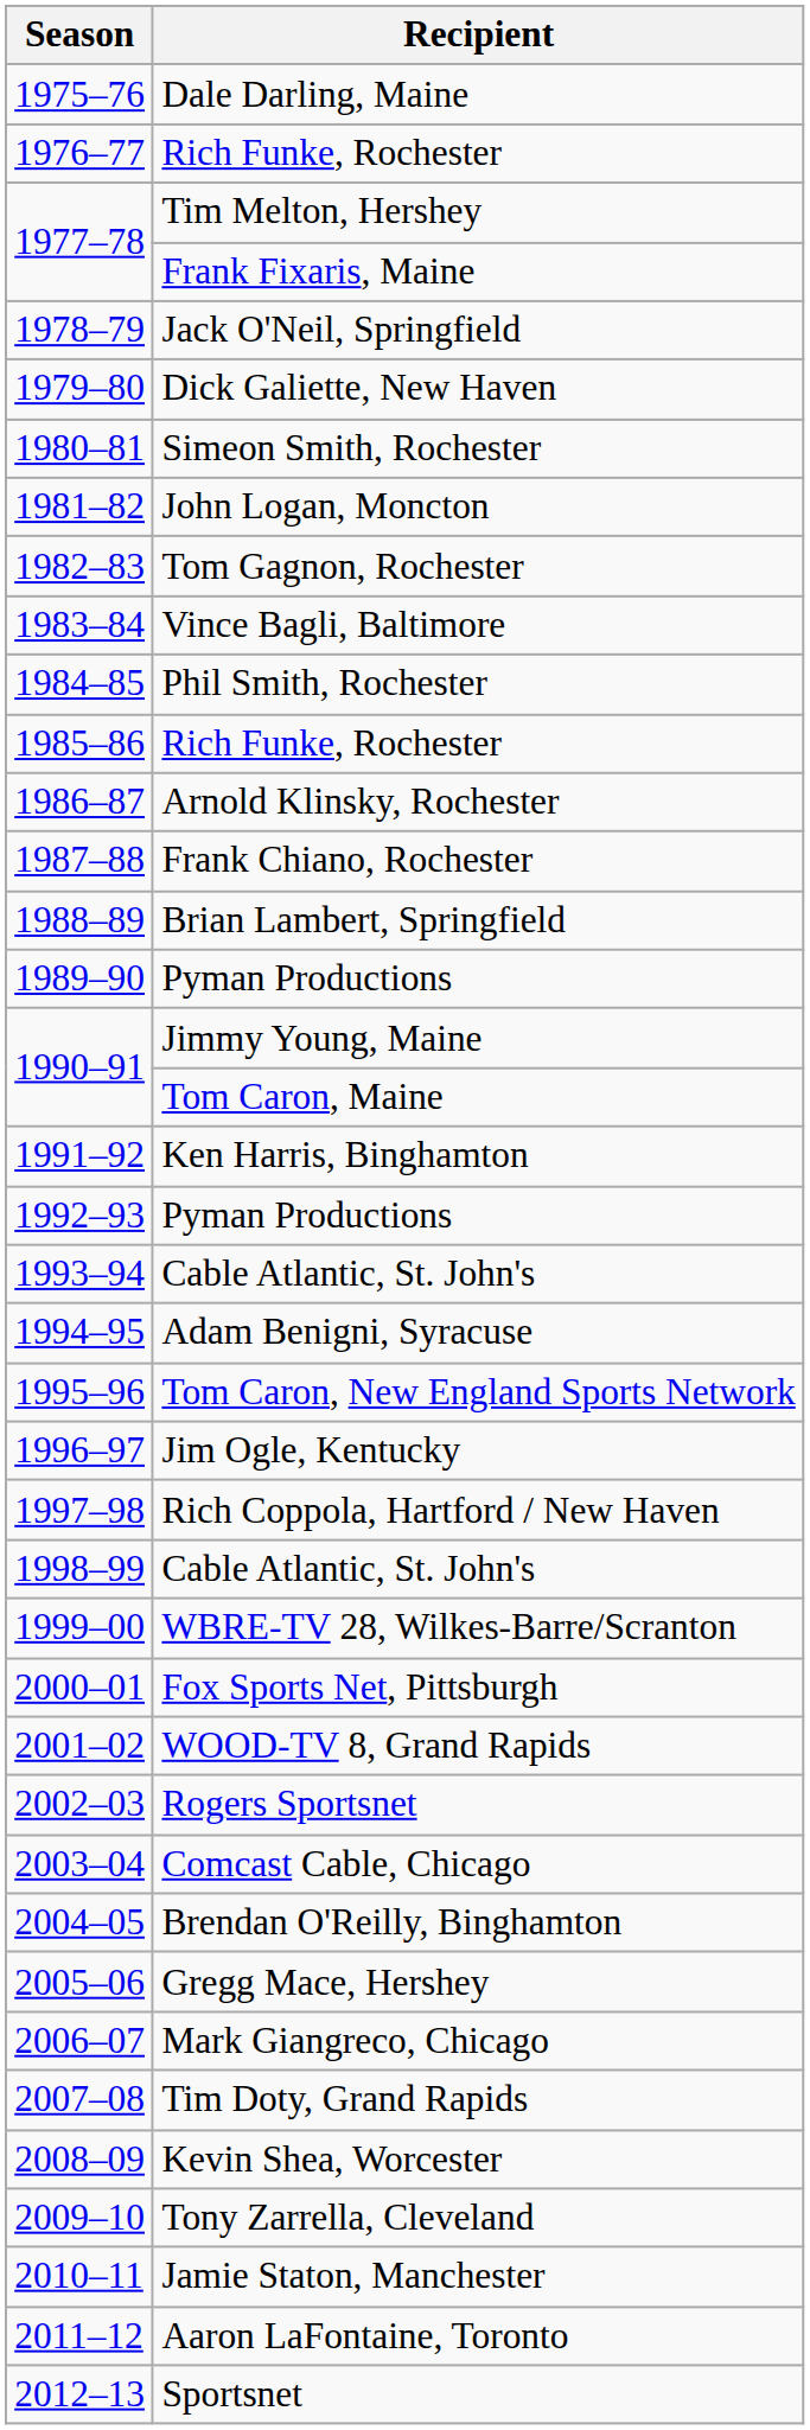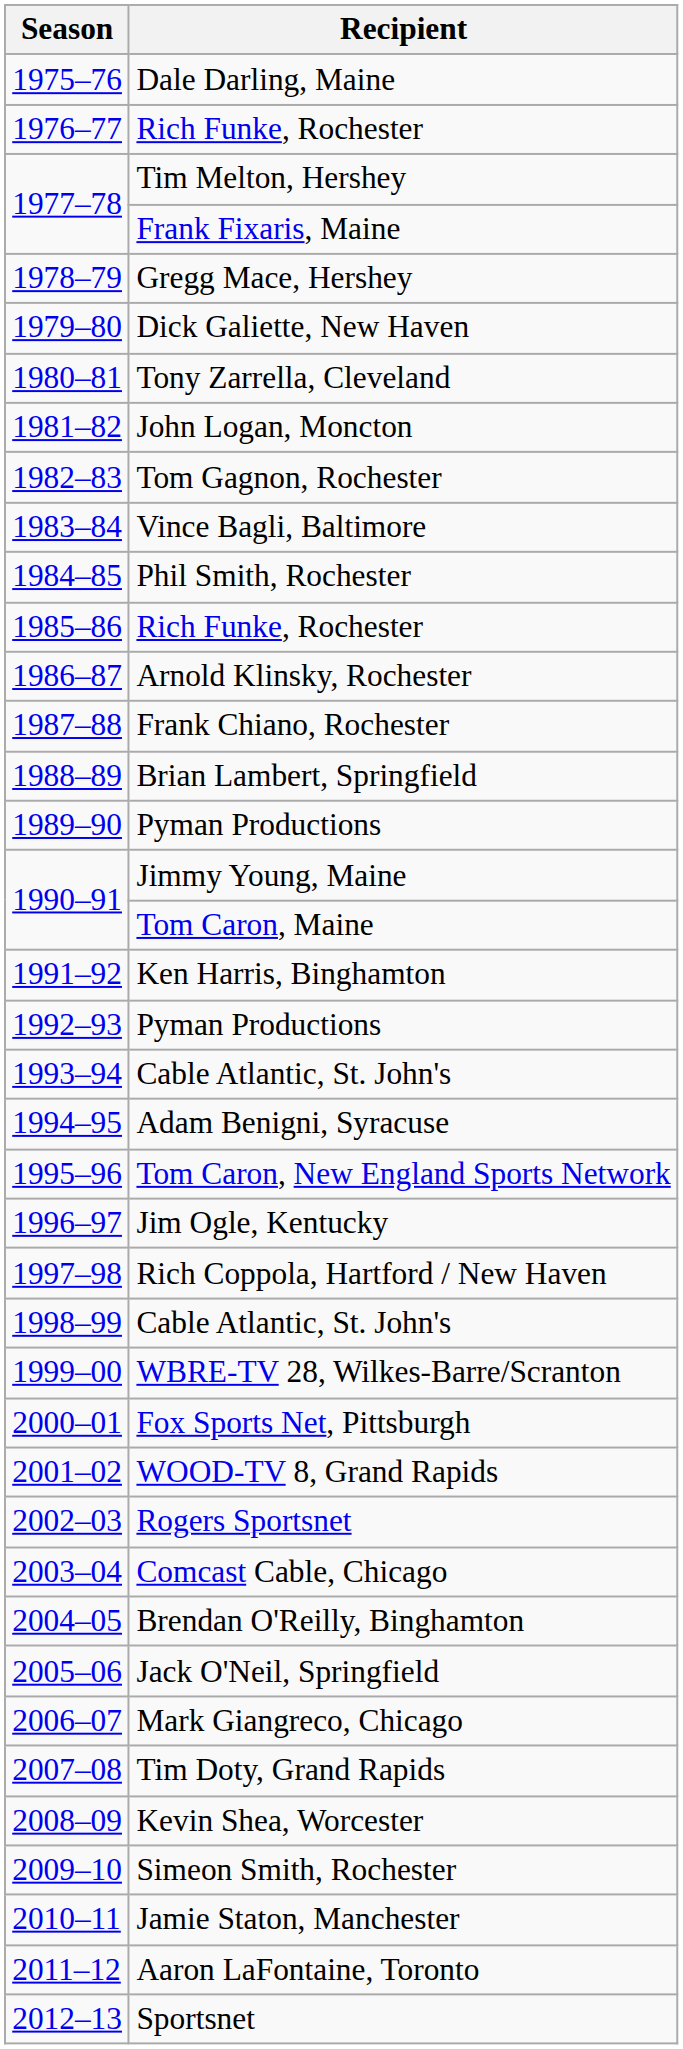 <table class="wikitable sortable">
 <tr>
 <th>Season</th>
 <th>Recipient</th>
 </tr>
 <tr>
 <td><a href='#'>1975–76</a></td>
 <td>Dale Darling, Maine</td>
 </tr>
 <tr>
 <td><a href='#'>1976–77</a></td>
 <td><a href='#'>Rich Funke</a>, Rochester</td>
 </tr>
 <tr>
 <td rowspan=2><a href='#'>1977–78</a></td>
 <td>Tim Melton, Hershey</td>
 </tr>
 <tr>
 <td><a href='#'>Frank Fixaris</a>, Maine</td>
 </tr>
 <tr>
 <td><a href='#'>1978–79</a></td>
-<td>Jack O'Neil, Springfield</td>
+<td>Gregg Mace, Hershey</td>
 </tr>
 <tr>
 <td><a href='#'>1979–80</a></td>
 <td>Dick Galiette, New Haven</td>
 </tr>
 <tr>
 <td><a href='#'>1980–81</a></td>
-<td>Simeon Smith, Rochester</td>
+<td>Tony Zarrella, Cleveland</td>
 </tr>
 <tr>
 <td><a href='#'>1981–82</a></td>
 <td>John Logan, Moncton</td>
 </tr>
 <tr>
 <td><a href='#'>1982–83</a></td>
 <td>Tom Gagnon, Rochester</td>
 </tr>
 <tr>
 <td><a href='#'>1983–84</a></td>
 <td>Vince Bagli, Baltimore</td>
 </tr>
 <tr>
 <td><a href='#'>1984–85</a></td>
 <td>Phil Smith, Rochester</td>
 </tr>
 <tr>
 <td><a href='#'>1985–86</a></td>
 <td><a href='#'>Rich Funke</a>, Rochester</td>
 </tr>
 <tr>
 <td><a href='#'>1986–87</a></td>
 <td>Arnold Klinsky, Rochester</td>
 </tr>
 <tr>
 <td><a href='#'>1987–88</a></td>
 <td>Frank Chiano, Rochester</td>
 </tr>
 <tr>
 <td><a href='#'>1988–89</a></td>
 <td>Brian Lambert, Springfield</td>
 </tr>
 <tr>
 <td><a href='#'>1989–90</a></td>
 <td>Pyman Productions</td>
 </tr>
 <tr>
 <td rowspan=2><a href='#'>1990–91</a></td>
 <td>Jimmy Young, Maine</td>
 </tr>
 <tr>
 <td><a href='#'>Tom Caron</a>, Maine</td>
 </tr>
 <tr>
 <td><a href='#'>1991–92</a></td>
 <td>Ken Harris, Binghamton</td>
 </tr>
 <tr>
 <td><a href='#'>1992–93</a></td>
 <td>Pyman Productions</td>
 </tr>
 <tr>
 <td><a href='#'>1993–94</a></td>
 <td>Cable Atlantic, St. John's</td>
 </tr>
 <tr>
 <td><a href='#'>1994–95</a></td>
 <td>Adam Benigni, Syracuse</td>
 </tr>
 <tr>
 <td><a href='#'>1995–96</a></td>
 <td><a href='#'>Tom Caron</a>, <a href='#'>New England Sports Network</a></td>
 </tr>
 <tr>
 <td><a href='#'>1996–97</a></td>
 <td>Jim Ogle, Kentucky</td>
 </tr>
 <tr>
 <td><a href='#'>1997–98</a></td>
 <td>Rich Coppola, Hartford / New Haven</td>
 </tr>
 <tr>
 <td><a href='#'>1998–99</a></td>
 <td>Cable Atlantic, St. John's</td>
 </tr>
 <tr>
 <td><a href='#'>1999–00</a></td>
 <td><a href='#'>WBRE-TV</a> 28, Wilkes-Barre/Scranton</td>
 </tr>
 <tr>
 <td><a href='#'>2000–01</a></td>
 <td><a href='#'>Fox Sports Net</a>, Pittsburgh</td>
 </tr>
 <tr>
 <td><a href='#'>2001–02</a></td>
 <td><a href='#'>WOOD-TV</a> 8, Grand Rapids</td>
 </tr>
 <tr>
 <td><a href='#'>2002–03</a></td>
 <td><a href='#'>Rogers Sportsnet</a></td>
 </tr>
 <tr>
 <td><a href='#'>2003–04</a></td>
 <td><a href='#'>Comcast</a> Cable, Chicago</td>
 </tr>
 <tr>
 <td><a href='#'>2004–05</a></td>
 <td>Brendan O'Reilly, Binghamton</td>
 </tr>
 <tr>
 <td><a href='#'>2005–06</a></td>
-<td>Gregg Mace, Hershey</td>
+<td>Jack O'Neil, Springfield</td>
 </tr>
 <tr>
 <td><a href='#'>2006–07</a></td>
 <td>Mark Giangreco, Chicago</td>
 </tr>
 <tr>
 <td><a href='#'>2007–08</a></td>
 <td>Tim Doty, Grand Rapids</td>
 </tr>
 <tr>
 <td><a href='#'>2008–09</a></td>
 <td>Kevin Shea, Worcester</td>
 </tr>
 <tr>
 <td><a href='#'>2009–10</a></td>
-<td>Tony Zarrella, Cleveland</td>
+<td>Simeon Smith, Rochester</td>
 </tr>
 <tr>
 <td><a href='#'>2010–11</a></td>
 <td>Jamie Staton, Manchester</td>
 </tr>
 <tr>
 <td><a href='#'>2011–12</a></td>
 <td>Aaron LaFontaine, Toronto</td>
 </tr>
 <tr>
 <td><a href='#'>2012–13</a></td>
 <td>Sportsnet</td>
 </tr>
 </table>
